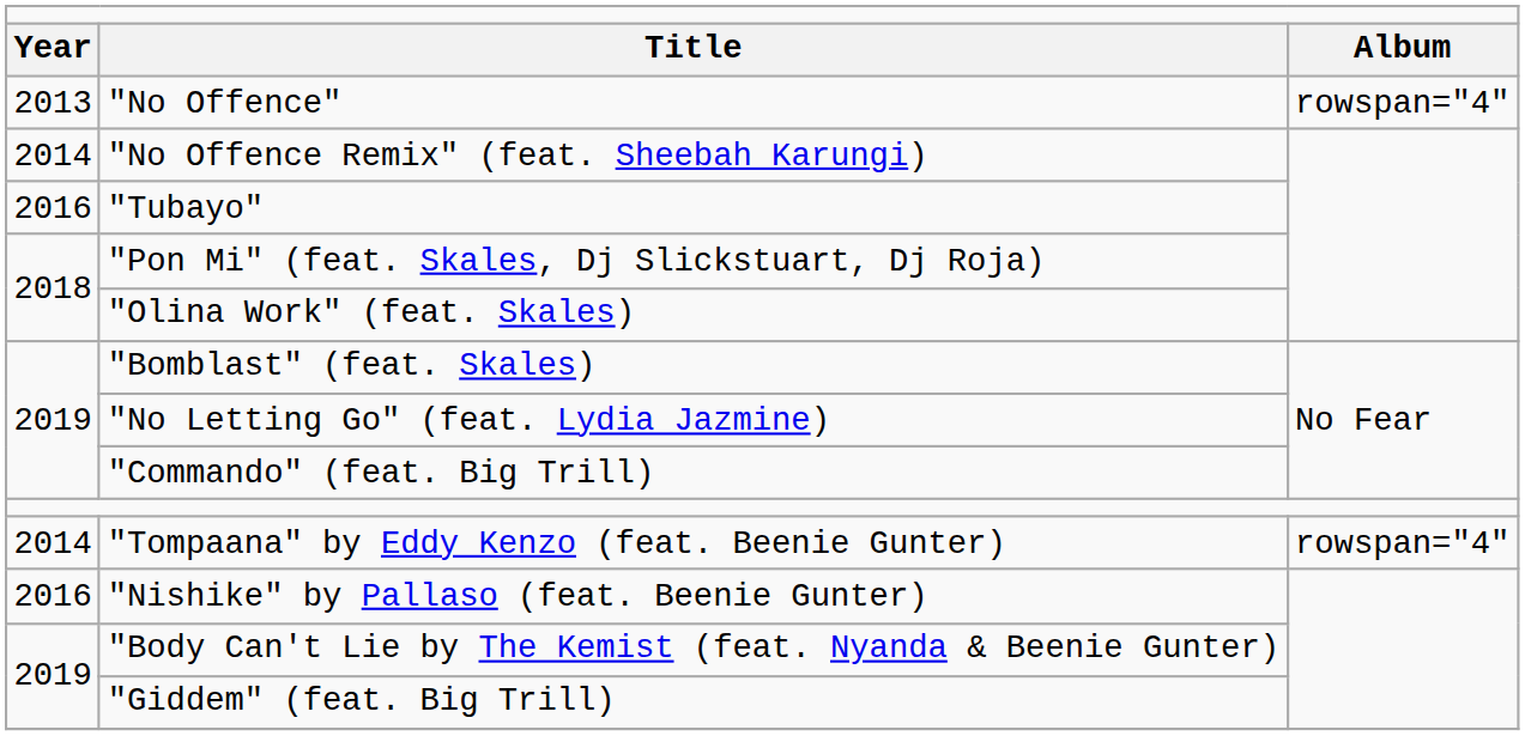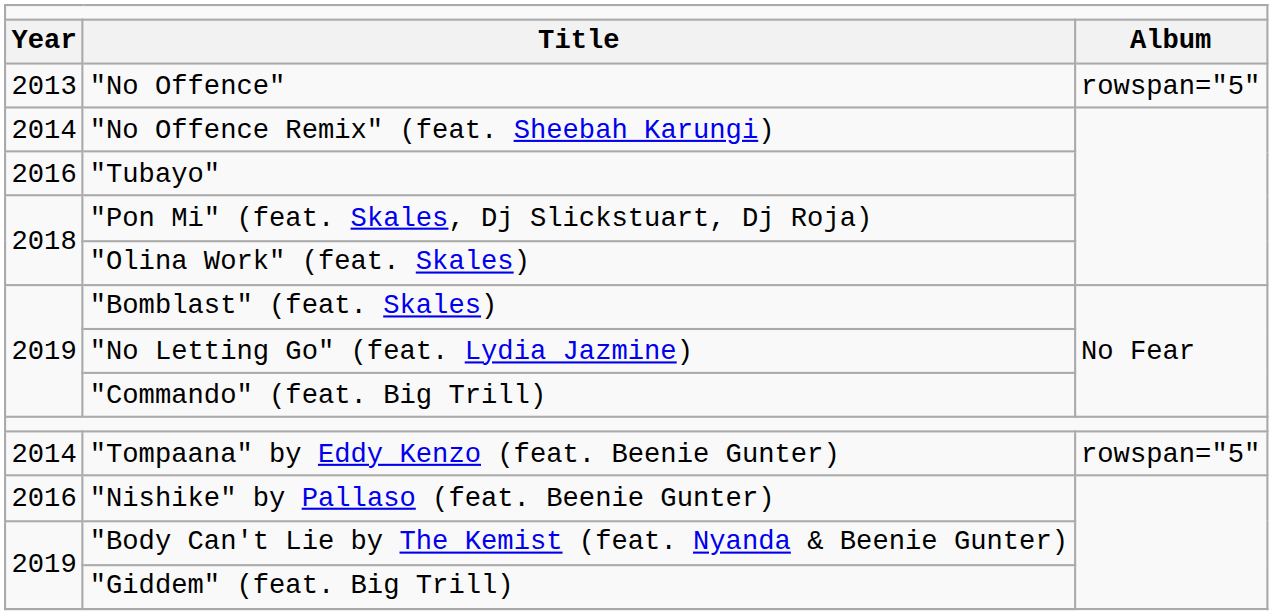 <table class="wikitable sortable">
 <tr>
 <td colspan="3" style="font-size:110%"></td>
 </tr>
 <tr>
 <th>Year</th>
 <th>Title</th>
 <th>Album</th>
 </tr>
 <tr>
 <td>2013</td>
 <td>"No Offence"</td>
-<td>rowspan="4" </td>
+<td>rowspan="5" </td>
 </tr>
 <tr>
 <td>2014</td>
 <td>"No Offence Remix" (feat. <a href='#'>Sheebah Karungi</a>)</td>
 </tr>
 <tr>
 <td>2016</td>
 <td>"Tubayo"</td>
 </tr>
 <tr>
 <td rowspan="2">2018</td>
 <td>"Pon Mi" (feat. <a href='#'>Skales</a>, Dj Slickstuart, Dj Roja)</td>
 </tr>
 <tr>
 <td>"Olina Work" (feat. <a href='#'>Skales</a>)</td>
 </tr>
 <tr>
 <td rowspan="3">2019</td>
 <td>"Bomblast" (feat. <a href='#'>Skales</a>)</td>
 <td rowspan="3">No Fear</td>
 </tr>
 <tr>
 <td>"No Letting Go" (feat. <a href='#'>Lydia Jazmine</a>)</td>
 </tr>
 <tr>
 <td>"Commando" (feat. Big Trill)</td>
 </tr>
 <tr>
 <td colspan="3" style="font-size:110%"></td>
 </tr>
 <tr>
 <td>2014</td>
 <td>"Tompaana" by <a href='#'>Eddy Kenzo</a> (feat. Beenie Gunter)</td>
-<td>rowspan="4" </td>
+<td>rowspan="5" </td>
 </tr>
 <tr>
 <td>2016</td>
 <td>"Nishike" by <a href='#'>Pallaso</a> (feat. Beenie Gunter)</td>
 </tr>
 <tr>
 <td rowspan="2">2019</td>
 <td>"Body Can't Lie by <a href='#'>The Kemist</a> (feat. <a href='#'>Nyanda</a> & Beenie Gunter)</td>
 </tr>
 <tr>
 <td>"Giddem" (feat. Big Trill)</td>
 </tr>
 <tr>
 </tr>
 </table>
